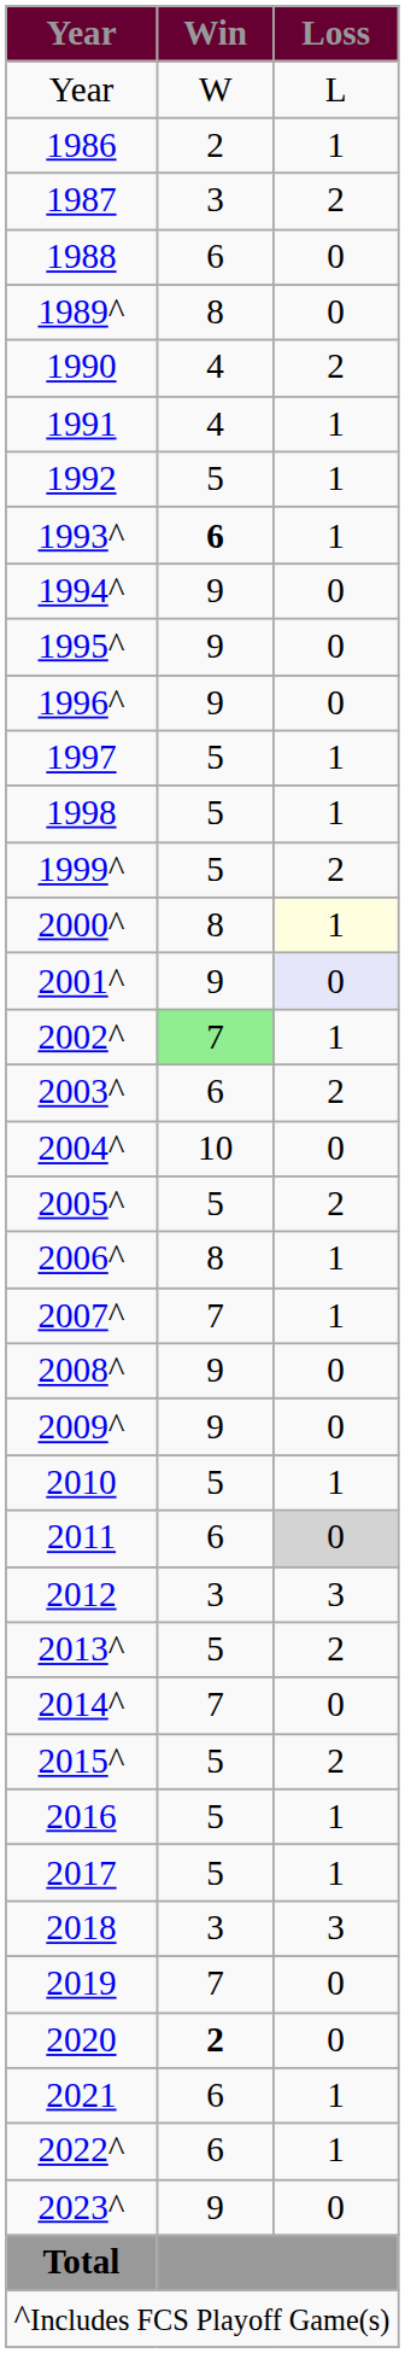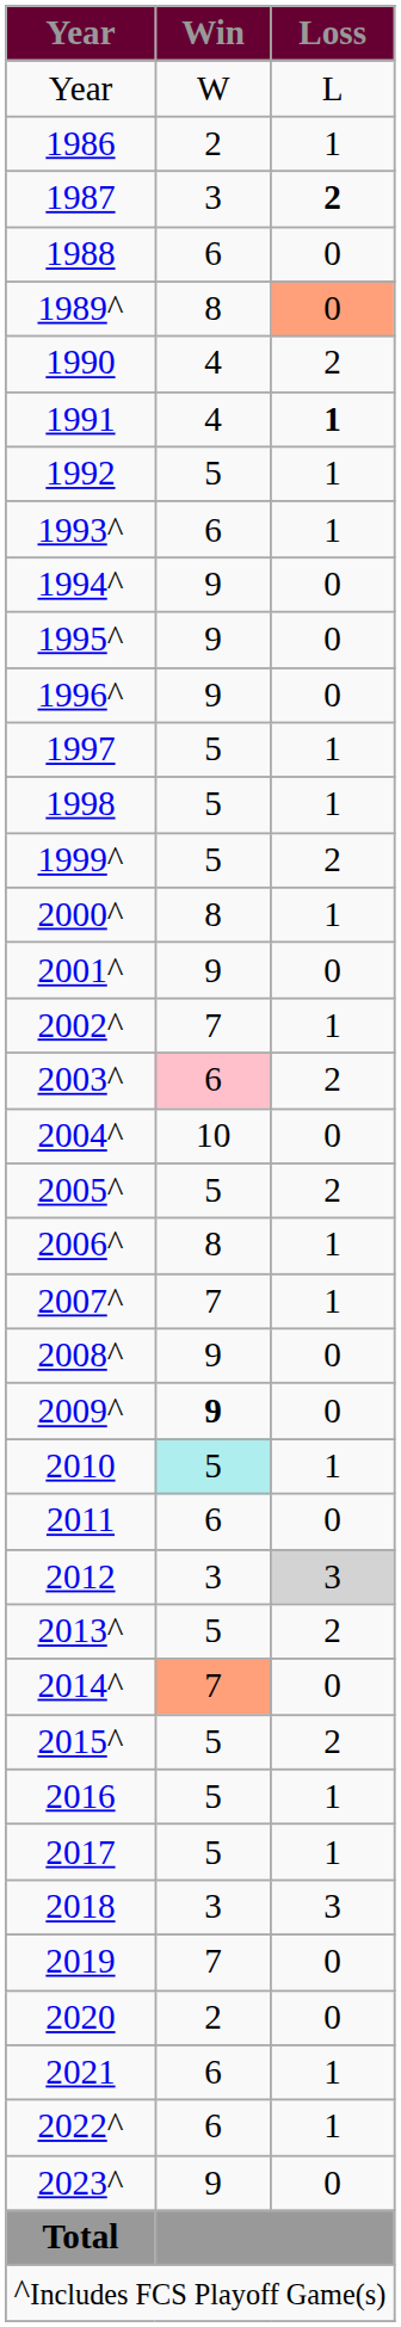 <table class="wikitable" style="text-align:center">
 <tr>
 <th style="background:#660033; color:#999999;">Year</th>
 <th style="background:#660033; color:#999999;">Win</th>
 <th style="background:#660033; color:#999999;">Loss</th>
 </tr>
 <tr align="center">
 <td>Year</td>
 <td>W</td>
 <td>L</td>
 </tr>
 <tr>
 <td><a href='#'>1986</a></td>
 <td>2</td>
 <td>1</td>
 </tr>
 <tr>
 <td><a href='#'>1987</a></td>
 <td>3</td>
-<td>2</td>
+<td><strong>2</strong></td>
 </tr>
 <tr>
 <td><a href='#'>1988</a></td>
 <td>6</td>
 <td>0</td>
 </tr>
 <tr>
 <td><a href='#'>1989</a>^</td>
 <td>8</td>
-<td>0</td>
+<td style="background: lightsalmon;">0</td>
 </tr>
 <tr>
 <td><a href='#'>1990</a></td>
 <td>4</td>
 <td>2</td>
 </tr>
 <tr>
 <td><a href='#'>1991</a></td>
 <td>4</td>
-<td>1</td>
+<td><strong>1</strong></td>
 </tr>
 <tr ≠>
 <td><a href='#'>1992</a></td>
 <td>5</td>
 <td>1</td>
 </tr>
 <tr>
 <td><a href='#'>1993</a>^</td>
-<td><strong>6</strong></td>
+<td>6</td>
 <td>1</td>
 </tr>
 <tr>
 <td><a href='#'>1994</a>^</td>
 <td>9</td>
 <td>0</td>
 </tr>
 <tr>
 <td><a href='#'>1995</a>^</td>
 <td>9</td>
 <td>0</td>
 </tr>
 <tr>
 <td><a href='#'>1996</a>^</td>
 <td>9</td>
 <td>0</td>
 </tr>
 <tr>
 <td><a href='#'>1997</a></td>
 <td>5</td>
 <td>1</td>
 </tr>
 <tr>
 <td><a href='#'>1998</a></td>
 <td>5</td>
 <td>1</td>
 </tr>
 <tr>
 <td><a href='#'>1999</a>^</td>
 <td>5</td>
 <td>2</td>
 </tr>
 <tr>
 <td><a href='#'>2000</a>^</td>
 <td>8</td>
-<td style="background: lightyellow;">1</td>
+<td>1</td>
 </tr>
 <tr>
 <td><a href='#'>2001</a>^</td>
 <td>9</td>
-<td style="background: lavender;">0</td>
+<td>0</td>
 </tr>
 <tr>
 <td><a href='#'>2002</a>^</td>
-<td style="background: lightgreen;">7</td>
+<td>7</td>
 <td>1</td>
 </tr>
 <tr>
 <td><a href='#'>2003</a>^</td>
-<td>6</td>
+<td style="background: pink;">6</td>
 <td>2</td>
 </tr>
 <tr>
 <td><a href='#'>2004</a>^</td>
 <td>10</td>
 <td>0</td>
 </tr>
 <tr>
 <td><a href='#'>2005</a>^</td>
 <td>5</td>
 <td>2</td>
 </tr>
 <tr>
 <td><a href='#'>2006</a>^</td>
 <td>8</td>
 <td>1</td>
 </tr>
 <tr>
 <td><a href='#'>2007</a>^</td>
 <td>7</td>
 <td>1</td>
 </tr>
 <tr>
 <td><a href='#'>2008</a>^</td>
 <td>9</td>
 <td>0</td>
 </tr>
 <tr>
 <td><a href='#'>2009</a>^</td>
-<td>9</td>
+<td><strong>9</strong></td>
 <td>0</td>
 </tr>
 <tr>
 <td><a href='#'>2010</a></td>
-<td>5</td>
+<td style="background: paleturquoise;">5</td>
 <td>1</td>
 </tr>
 <tr>
 <td><a href='#'>2011</a></td>
 <td>6</td>
-<td style="background: lightgrey;">0</td>
+<td>0</td>
 </tr>
 <tr>
 <td><a href='#'>2012</a></td>
 <td>3</td>
-<td>3</td>
+<td style="background: lightgrey;">3</td>
 </tr>
 <tr>
 <td><a href='#'>2013</a>^</td>
 <td>5</td>
 <td>2</td>
 </tr>
 <tr>
 <td><a href='#'>2014</a>^</td>
-<td>7</td>
+<td style="background: lightsalmon;">7</td>
 <td>0</td>
 </tr>
 <tr>
 <td><a href='#'>2015</a>^</td>
 <td>5</td>
 <td>2</td>
 </tr>
 <tr>
 <td><a href='#'>2016</a></td>
 <td>5</td>
 <td>1</td>
 </tr>
 <tr>
 <td><a href='#'>2017</a></td>
 <td>5</td>
 <td>1</td>
 </tr>
 <tr>
 <td><a href='#'>2018</a></td>
 <td>3</td>
 <td>3</td>
 </tr>
 <tr>
 <td><a href='#'>2019</a></td>
 <td>7</td>
 <td>0</td>
 </tr>
 <tr>
 <td><a href='#'>2020</a></td>
-<td><strong>2</strong></td>
+<td>2</td>
 <td>0</td>
 </tr>
 <tr>
 <td><a href='#'>2021</a></td>
 <td>6</td>
 <td>1</td>
 </tr>
 <tr>
 <td><a href='#'>2022</a>^</td>
 <td>6</td>
 <td>1</td>
 </tr>
 <tr>
 <td><a href='#'>2023</a>^</td>
 <td>9</td>
 <td>0</td>
 </tr>
 <tr align="center">
 <td colspan="1" bgcolor="#999999"><span><strong>Total</strong></span></td>
 <td colspan="2" bgcolor="#999999"><span> <strong></strong> </span></td>
 </tr>
 <tr>
 <td colspan=3>^<small>Includes FCS Playoff Game(s)</small></td>
 </tr>
 </table>
